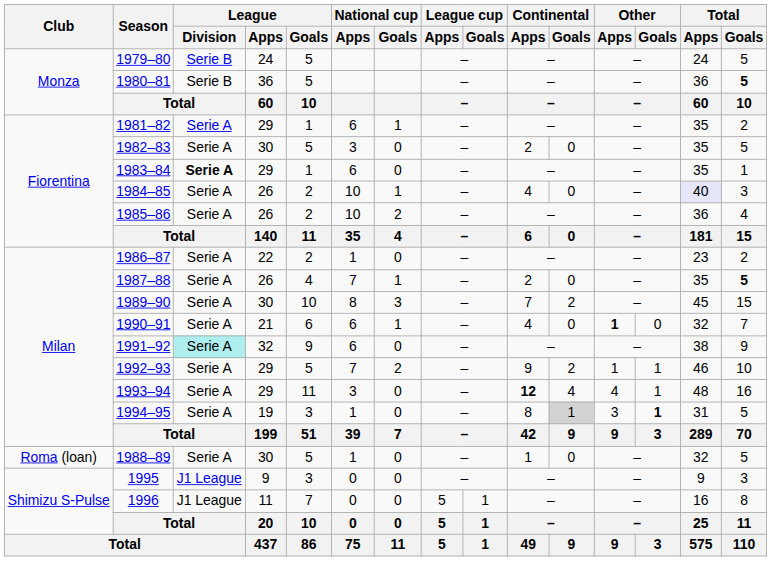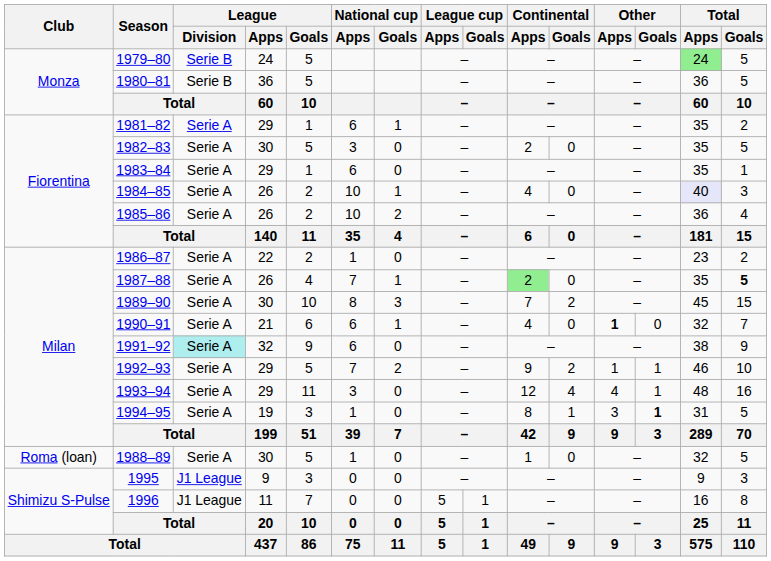 <table class="wikitable" style="text-align:center">
 <tr>
 <th rowspan="2">Club</th>
 <th rowspan="2">Season</th>
 <th colspan="3">League</th>
 <th colspan="2">National cup</th>
 <th colspan="2">League cup</th>
 <th colspan="2">Continental</th>
 <th colspan="2">Other</th>
 <th colspan="2">Total</th>
 </tr>
 <tr>
 <th>Division</th>
 <th>Apps</th>
 <th>Goals</th>
 <th>Apps</th>
 <th>Goals</th>
 <th>Apps</th>
 <th>Goals</th>
 <th>Apps</th>
 <th>Goals</th>
 <th>Apps</th>
 <th>Goals</th>
 <th>Apps</th>
 <th>Goals</th>
 </tr>
 <tr>
 <td rowspan="3"><a href='#'>Monza</a></td>
 <td><a href='#'>1979–80</a></td>
 <td><a href='#'>Serie B</a></td>
 <td>24</td>
 <td>5</td>
 <td></td>
 <td></td>
 <td colspan="2">–</td>
 <td colspan="2">–</td>
 <td colspan="2">–</td>
-<td>24</td>
+<td style="background: lightgreen;">24</td>
 <td>5</td>
 </tr>
 <tr>
 <td><a href='#'>1980–81</a></td>
 <td>Serie B</td>
 <td>36</td>
 <td>5</td>
 <td></td>
 <td></td>
 <td colspan="2">–</td>
 <td colspan="2">–</td>
 <td colspan="2">–</td>
 <td>36</td>
-<td><strong>5</strong></td>
+<td>5</td>
 </tr>
 <tr>
 <th colspan=2>Total</th>
 <th>60</th>
 <th>10</th>
 <th></th>
 <th></th>
 <th colspan="2">–</th>
 <th colspan="2">–</th>
 <th colspan="2">–</th>
 <th>60</th>
 <th>10</th>
 </tr>
 <tr>
 <td rowspan="6"><a href='#'>Fiorentina</a></td>
 <td><a href='#'>1981–82</a></td>
 <td><a href='#'>Serie A</a></td>
 <td>29</td>
 <td>1</td>
 <td>6</td>
 <td>1</td>
 <td colspan="2">–</td>
 <td colspan="2">–</td>
 <td colspan="2">–</td>
 <td>35</td>
 <td>2</td>
 </tr>
 <tr>
 <td><a href='#'>1982–83</a></td>
 <td>Serie A</td>
 <td>30</td>
 <td>5</td>
 <td>3</td>
 <td>0</td>
 <td colspan="2">–</td>
 <td>2</td>
 <td>0</td>
 <td colspan="2">–</td>
 <td>35</td>
 <td>5</td>
 </tr>
 <tr>
 <td><a href='#'>1983–84</a></td>
-<td><strong>Serie A</strong></td>
+<td>Serie A</td>
 <td>29</td>
 <td>1</td>
 <td>6</td>
 <td>0</td>
 <td colspan="2">–</td>
 <td colspan="2">–</td>
 <td colspan="2">–</td>
 <td>35</td>
 <td>1</td>
 </tr>
 <tr>
 <td><a href='#'>1984–85</a></td>
 <td>Serie A</td>
 <td>26</td>
 <td>2</td>
 <td>10</td>
 <td>1</td>
 <td colspan="2">–</td>
 <td>4</td>
 <td>0</td>
 <td colspan="2">–</td>
 <td style="background: lavender;">40</td>
 <td>3</td>
 </tr>
 <tr>
 <td><a href='#'>1985–86</a></td>
 <td>Serie A</td>
 <td>26</td>
 <td>2</td>
 <td>10</td>
 <td>2</td>
 <td colspan="2">–</td>
 <td colspan="2">–</td>
 <td colspan="2">–</td>
 <td>36</td>
 <td>4</td>
 </tr>
 <tr>
 <th colspan="2">Total</th>
 <th>140</th>
 <th>11</th>
 <th>35</th>
 <th>4</th>
 <th colspan="2">–</th>
 <th>6</th>
 <th>0</th>
 <th colspan="2">–</th>
 <th>181</th>
 <th>15</th>
 </tr>
 <tr>
 <td rowspan="9"><a href='#'>Milan</a></td>
 <td><a href='#'>1986–87</a></td>
 <td>Serie A</td>
 <td>22</td>
 <td>2</td>
 <td>1</td>
 <td>0</td>
 <td colspan="2">–</td>
 <td colspan="2">–</td>
 <td colspan="2">–</td>
 <td>23</td>
 <td>2</td>
 </tr>
 <tr>
 <td><a href='#'>1987–88</a></td>
 <td>Serie A</td>
 <td>26</td>
 <td>4</td>
 <td>7</td>
 <td>1</td>
 <td colspan="2">–</td>
-<td>2</td>
+<td style="background: lightgreen;">2</td>
 <td>0</td>
 <td colspan="2">–</td>
 <td>35</td>
 <td><strong>5</strong></td>
 </tr>
 <tr>
 <td><a href='#'>1989–90</a></td>
 <td>Serie A</td>
 <td>30</td>
 <td>10</td>
 <td>8</td>
 <td>3</td>
 <td colspan="2">–</td>
 <td>7</td>
 <td>2</td>
 <td colspan="2">–</td>
 <td>45</td>
 <td>15</td>
 </tr>
 <tr>
 <td><a href='#'>1990–91</a></td>
 <td>Serie A</td>
 <td>21</td>
 <td>6</td>
 <td>6</td>
 <td>1</td>
 <td colspan="2">–</td>
 <td>4</td>
 <td>0</td>
 <td><strong>1</strong></td>
 <td>0</td>
 <td>32</td>
 <td>7</td>
 </tr>
 <tr>
 <td><a href='#'>1991–92</a></td>
 <td style="background: paleturquoise;">Serie A</td>
 <td>32</td>
 <td>9</td>
 <td>6</td>
 <td>0</td>
 <td colspan="2">–</td>
 <td colspan="2">–</td>
 <td colspan="2">–</td>
 <td>38</td>
 <td>9</td>
 </tr>
 <tr>
 <td><a href='#'>1992–93</a></td>
 <td>Serie A</td>
 <td>29</td>
 <td>5</td>
 <td>7</td>
 <td>2</td>
 <td colspan="2">–</td>
 <td>9</td>
 <td>2</td>
 <td>1</td>
 <td>1</td>
 <td>46</td>
 <td>10</td>
 </tr>
 <tr>
 <td><a href='#'>1993–94</a></td>
 <td>Serie A</td>
 <td>29</td>
 <td>11</td>
 <td>3</td>
 <td>0</td>
 <td colspan="2">–</td>
-<td><strong>12</strong></td>
+<td>12</td>
 <td>4</td>
 <td>4</td>
 <td>1</td>
 <td>48</td>
 <td>16</td>
 </tr>
 <tr>
 <td><a href='#'>1994–95</a></td>
 <td>Serie A</td>
 <td>19</td>
 <td>3</td>
 <td>1</td>
 <td>0</td>
 <td colspan="2">–</td>
 <td>8</td>
-<td style="background: lightgrey;">1</td>
+<td>1</td>
 <td>3</td>
 <td><strong>1</strong></td>
 <td>31</td>
 <td>5</td>
 </tr>
 <tr>
 <th colspan="2">Total</th>
 <th>199</th>
 <th>51</th>
 <th>39</th>
 <th>7</th>
 <th colspan="2">–</th>
 <th>42</th>
 <th>9</th>
 <th>9</th>
 <th>3</th>
 <th>289</th>
 <th>70</th>
 </tr>
 <tr>
 <td><a href='#'>Roma</a> (loan)</td>
 <td><a href='#'>1988–89</a></td>
 <td>Serie A</td>
 <td>30</td>
 <td>5</td>
 <td>1</td>
 <td>0</td>
 <td colspan="2">–</td>
 <td>1</td>
 <td>0</td>
 <td colspan="2">–</td>
 <td>32</td>
 <td>5</td>
 </tr>
 <tr>
 <td rowspan="3"><a href='#'>Shimizu S-Pulse</a></td>
 <td><a href='#'>1995</a></td>
 <td><a href='#'>J1 League</a></td>
 <td>9</td>
 <td>3</td>
 <td>0</td>
 <td>0</td>
 <td colspan="2">–</td>
 <td colspan="2">–</td>
 <td colspan="2">–</td>
 <td>9</td>
 <td>3</td>
 </tr>
 <tr>
 <td><a href='#'>1996</a></td>
 <td>J1 League</td>
 <td>11</td>
 <td>7</td>
 <td>0</td>
 <td>0</td>
 <td>5</td>
 <td>1</td>
 <td colspan="2">–</td>
 <td colspan="2">–</td>
 <td>16</td>
 <td>8</td>
 </tr>
 <tr>
 <th colspan="2">Total</th>
 <th>20</th>
 <th>10</th>
 <th>0</th>
 <th>0</th>
 <th>5</th>
 <th>1</th>
 <th colspan="2">–</th>
 <th colspan="2">–</th>
 <th>25</th>
 <th>11</th>
 </tr>
 <tr>
 <th colspan="3">Total</th>
 <th>437</th>
 <th>86</th>
 <th>75</th>
 <th>11</th>
 <th>5</th>
 <th>1</th>
 <th>49</th>
 <th>9</th>
 <th>9</th>
 <th>3</th>
 <th>575</th>
 <th>110</th>
 </tr>
 </table>
